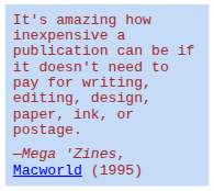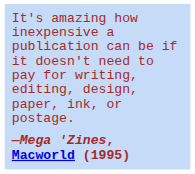 <table class="toccolours" style="float: right; margin-left: 1em; margin-right: 2em; font-size: 85%; background:#c6dbf7; color:Brown; width:25em; max-width: 25%;" cellspacing="5">
 <tr>
 <td style="text-align: left;">It's amazing how inexpensive a publication can be if it doesn't need to pay for writing, editing, design, paper, ink, or postage.</td>
 </tr>
 <tr>
-<td style="text-align: left;">—<em>Mega 'Zines</em>, <a href='#'>Macworld</a> (1995)</td>
+<td style="text-align: left;"><strong>—<em>Mega 'Zines</em>, <a href='#'>Macworld</a> (1995)</strong></td>
 </tr>
 </table>
